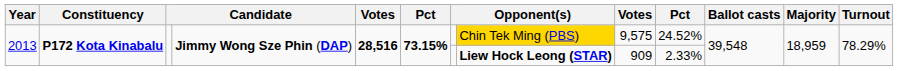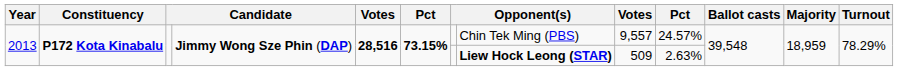 <table class="wikitable" style="margin:0.5em ; font-size:95%">
 <tr>
 <th>Year</th>
 <th>Constituency</th>
 <th colspan=2>Candidate</th>
 <th>Votes</th>
 <th>Pct</th>
 <th colspan=2>Opponent(s)</th>
 <th>Votes</th>
 <th>Pct</th>
 <th>Ballot casts</th>
 <th>Majority</th>
 <th>Turnout</th>
 </tr>
 <tr>
 <td rowspan=2><a href='#'>2013</a></td>
 <td rowspan=2><strong>P172 <a href='#'>Kota Kinabalu</a></strong></td>
 <td rowspan=2 ></td>
 <td rowspan=2><strong>Jimmy Wong Sze Phin</strong> (<a href='#'><strong>DAP</strong></a>)</td>
 <td rowspan=2 align="right"><strong>28,516</strong></td>
 <td rowspan=2><strong>73.15%</strong></td>
 <td></td>
-<td style="background: gold;">Chin Tek Ming (<a href='#'>PBS</a>)</td>
-<td align="right">9,575</td>
-<td>24.52%</td>
+<td>Chin Tek Ming (<a href='#'>PBS</a>)</td>
+<td align="right">9,557</td>
+<td>24.57%</td>
 <td rowspan=2>39,548</td>
 <td rowspan=2>18,959</td>
 <td rowspan=2>78.29%</td>
 </tr>
 <tr>
 <td></td>
 <td><strong>Liew Hock Leong (<a href='#'>STAR</a>)</strong></td>
-<td align=right>909</td>
-<td align=right>2.33%</td>
+<td align=right>509</td>
+<td align=right>2.63%</td>
 </tr>
 </table>
